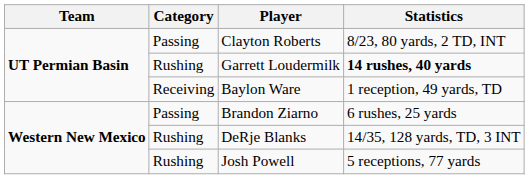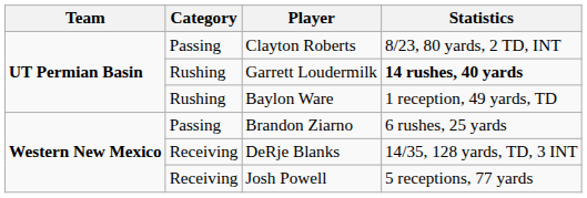 <table class="wikitable" style="float: right;">
 <tr>
 <th>Team</th>
 <th>Category</th>
 <th>Player</th>
 <th>Statistics</th>
 </tr>
 <tr>
 <td rowspan=3><strong>UT Permian Basin</strong></td>
 <td>Passing</td>
 <td>Clayton Roberts</td>
 <td>8/23, 80 yards, 2 TD, INT</td>
 </tr>
 <tr>
 <td>Rushing</td>
 <td>Garrett Loudermilk</td>
 <td><strong>14 rushes, 40 yards</strong></td>
 </tr>
 <tr>
-<td>Receiving</td>
+<td>Rushing</td>
 <td>Baylon Ware</td>
 <td>1 reception, 49 yards, TD</td>
 </tr>
 <tr>
 <td rowspan=3><strong>Western New Mexico</strong></td>
 <td>Passing</td>
 <td>Brandon Ziarno</td>
 <td>6 rushes, 25 yards</td>
 </tr>
 <tr>
-<td>Rushing</td>
+<td>Receiving</td>
 <td>DeRje Blanks</td>
 <td>14/35, 128 yards, TD, 3 INT</td>
 </tr>
 <tr>
-<td>Rushing</td>
+<td>Receiving</td>
 <td>Josh Powell</td>
 <td>5 receptions, 77 yards</td>
 </tr>
 </table>
